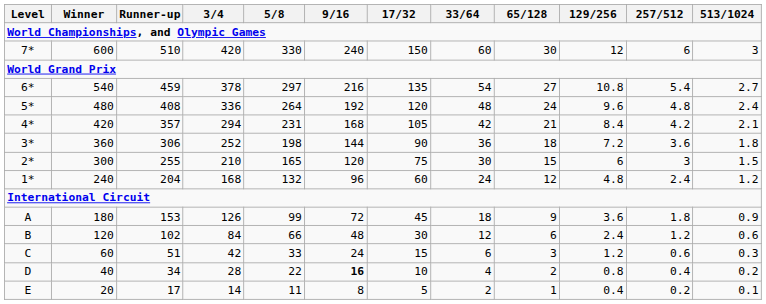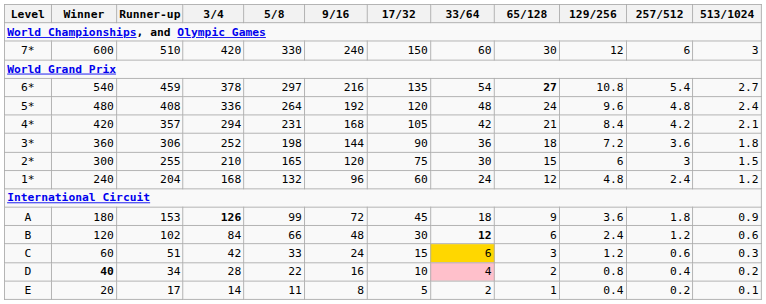 <table class="wikitable" style="text-align:right">
 <tr>
 <th width="50">Level</th>
 <th width="75">Winner</th>
 <th width="75">Runner-up</th>
 <th width="75">3/4</th>
 <th width="75">5/8</th>
 <th width="75">9/16</th>
 <th width="75">17/32</th>
 <th width="75">33/64</th>
 <th width="75">65/128</th>
 <th width="75">129/256</th>
 <th width="75">257/512</th>
 <th width="75">513/1024</th>
 </tr>
 <tr>
 <td align="left" colspan="12"><strong><a href='#'>World Championships</a>, and <a href='#'>Olympic Games</a></strong></td>
 </tr>
 <tr>
 <td align="center">7*</td>
 <td>600</td>
 <td>510</td>
 <td>420</td>
 <td>330</td>
 <td>240</td>
 <td>150</td>
 <td>60</td>
 <td>30</td>
 <td>12</td>
 <td>6</td>
 <td>3</td>
 </tr>
 <tr>
 <td align="left" colspan="12"><strong><a href='#'>World Grand Prix</a></strong></td>
 </tr>
 <tr>
 <td align="center">6*</td>
 <td>540</td>
 <td>459</td>
 <td>378</td>
 <td>297</td>
 <td>216</td>
 <td>135</td>
 <td>54</td>
-<td>27</td>
+<td><strong>27</strong></td>
 <td>10.8</td>
 <td>5.4</td>
 <td>2.7</td>
 </tr>
 <tr>
 <td align="center">5*</td>
 <td>480</td>
 <td>408</td>
 <td>336</td>
 <td>264</td>
 <td>192</td>
 <td>120</td>
 <td>48</td>
 <td>24</td>
 <td>9.6</td>
 <td>4.8</td>
 <td>2.4</td>
 </tr>
 <tr>
 <td align="center">4*</td>
 <td>420</td>
 <td>357</td>
 <td>294</td>
 <td>231</td>
 <td>168</td>
 <td>105</td>
 <td>42</td>
 <td>21</td>
 <td>8.4</td>
 <td>4.2</td>
 <td>2.1</td>
 </tr>
 <tr>
 <td align="center">3*</td>
 <td>360</td>
 <td>306</td>
 <td>252</td>
 <td>198</td>
 <td>144</td>
 <td>90</td>
 <td>36</td>
 <td>18</td>
 <td>7.2</td>
 <td>3.6</td>
 <td>1.8</td>
 </tr>
 <tr>
 <td align="center">2*</td>
 <td>300</td>
 <td>255</td>
 <td>210</td>
 <td>165</td>
 <td>120</td>
 <td>75</td>
 <td>30</td>
 <td>15</td>
 <td>6</td>
 <td>3</td>
 <td>1.5</td>
 </tr>
 <tr>
 <td align="center">1*</td>
 <td>240</td>
 <td>204</td>
 <td>168</td>
 <td>132</td>
 <td>96</td>
 <td>60</td>
 <td>24</td>
 <td>12</td>
 <td>4.8</td>
 <td>2.4</td>
 <td>1.2</td>
 </tr>
 <tr>
 <td align="left" colspan="12"><strong><a href='#'>International Circuit</a></strong></td>
 </tr>
 <tr>
 <td align="center">A</td>
 <td>180</td>
 <td>153</td>
-<td>126</td>
+<td><strong>126</strong></td>
 <td>99</td>
 <td>72</td>
 <td>45</td>
 <td>18</td>
 <td>9</td>
 <td>3.6</td>
 <td>1.8</td>
 <td>0.9</td>
 </tr>
 <tr>
 <td align="center">B</td>
 <td>120</td>
 <td>102</td>
 <td>84</td>
 <td>66</td>
 <td>48</td>
 <td>30</td>
-<td>12</td>
+<td><strong>12</strong></td>
 <td>6</td>
 <td>2.4</td>
 <td>1.2</td>
 <td>0.6</td>
 </tr>
 <tr>
 <td align="center">C</td>
 <td>60</td>
 <td>51</td>
 <td>42</td>
 <td>33</td>
 <td>24</td>
 <td>15</td>
-<td>6</td>
+<td style="background: gold;">6</td>
 <td>3</td>
 <td>1.2</td>
 <td>0.6</td>
 <td>0.3</td>
 </tr>
 <tr>
 <td align="center">D</td>
-<td>40</td>
+<td><strong>40</strong></td>
 <td>34</td>
 <td>28</td>
 <td>22</td>
-<td><strong>16</strong></td>
+<td>16</td>
 <td>10</td>
-<td>4</td>
+<td style="background: pink;">4</td>
 <td>2</td>
 <td>0.8</td>
 <td>0.4</td>
 <td>0.2</td>
 </tr>
 <tr>
 <td align="center">E</td>
 <td>20</td>
 <td>17</td>
 <td>14</td>
 <td>11</td>
 <td>8</td>
 <td>5</td>
 <td>2</td>
 <td>1</td>
 <td>0.4</td>
 <td>0.2</td>
 <td>0.1</td>
 </tr>
 </table>
